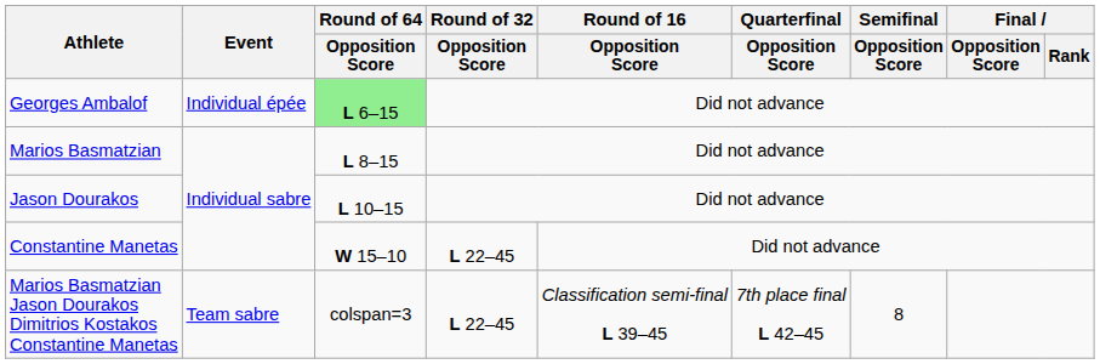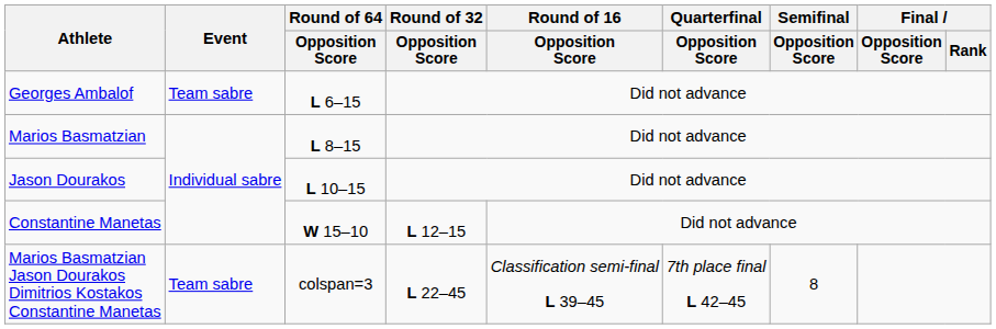 <table class="wikitable" style="font-size:90%">
 <tr>
 <th rowspan="2">Athlete</th>
 <th rowspan="2">Event</th>
 <th>Round of 64</th>
 <th>Round of 32</th>
 <th>Round of 16</th>
 <th>Quarterfinal</th>
 <th>Semifinal</th>
 <th colspan=2>Final / </th>
 </tr>
 <tr style="font-size:95%">
 <th>Opposition <br> Score</th>
 <th>Opposition <br> Score</th>
 <th>Opposition <br> Score</th>
 <th>Opposition <br> Score</th>
 <th>Opposition <br> Score</th>
 <th>Opposition <br> Score</th>
 <th>Rank</th>
 </tr>
 <tr align=center>
 <td align=left><a href='#'>Georges Ambalof</a></td>
-<td align=left><a href='#'>Individual épée</a></td>
-<td style="background: lightgreen;"><br><strong>L</strong> 6–15</td>
+<td align=left><a href='#'>Team sabre</a></td>
+<td><br><strong>L</strong> 6–15</td>
 <td colspan=6>Did not advance</td>
 </tr>
 <tr align=center>
 <td align=left><a href='#'>Marios Basmatzian</a></td>
 <td align=left rowspan=3><a href='#'>Individual sabre</a></td>
 <td><br><strong>L</strong> 8–15</td>
 <td colspan=6>Did not advance</td>
 </tr>
 <tr align=center>
 <td align=left><a href='#'>Jason Dourakos</a></td>
 <td><br><strong>L</strong> 10–15</td>
 <td colspan=6>Did not advance</td>
 </tr>
 <tr align=center>
 <td align=left><a href='#'>Constantine Manetas</a></td>
 <td><br><strong>W</strong> 15–10</td>
-<td><br><strong>L</strong> 22–45</td>
+<td><br><strong>L</strong> 12–15</td>
 <td colspan=5>Did not advance</td>
 </tr>
 <tr align=center>
 <td align=left><a href='#'>Marios Basmatzian</a><br><a href='#'>Jason Dourakos</a><br><a href='#'>Dimitrios Kostakos</a><br><a href='#'>Constantine Manetas</a></td>
 <td align=left><a href='#'>Team sabre</a></td>
 <td>colspan=3 </td>
 <td><br><strong>L</strong> 22–45</td>
 <td><em>Classification semi-final</em><br><br><strong>L</strong> 39–45</td>
 <td><em>7th place final</em><br><br><strong>L</strong> 42–45</td>
 <td>8</td>
 </tr>
 </table>
